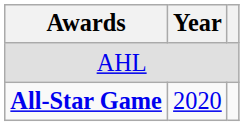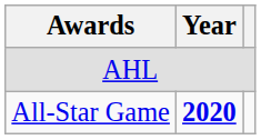 <table class="wikitable">
 <tr>
 <th>Awards</th>
 <th>Year</th>
 <th></th>
 </tr>
 <tr ALIGN="center" bgcolor="#e0e0e0">
 <td colspan="3"><a href='#'>AHL</a></td>
 </tr>
 <tr>
-<td><strong><a href='#'>All-Star Game</a></strong></td>
-<td><a href='#'>2020</a></td>
+<td><a href='#'>All-Star Game</a></td>
+<td><strong><a href='#'>2020</a></strong></td>
 <td></td>
 </tr>
 </table>
